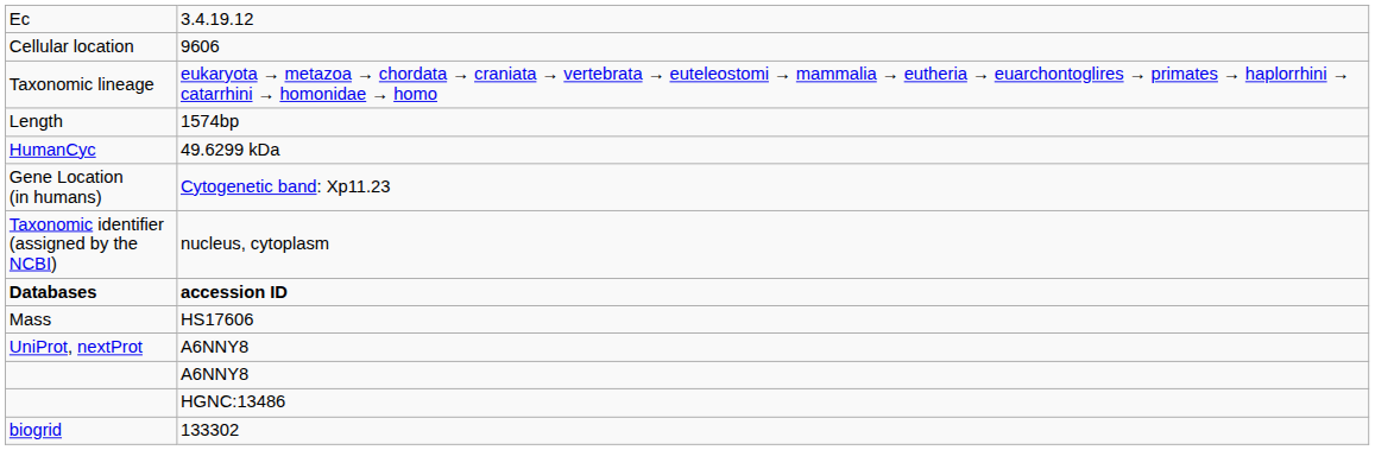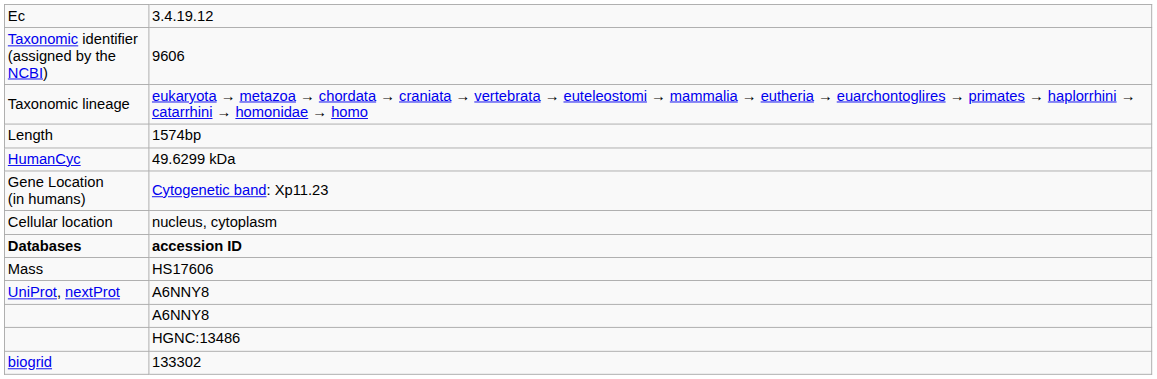 <table class="wikitable sortable mw-collapsible mw-collapsed">
 <tr>
 <td>Ec</td>
 <td>3.4.19.12</td>
 </tr>
 <tr>
-<td>Cellular location</td>
+<td><a href='#'>Taxonomic</a> identifier<br>(assigned by the <a href='#'>NCBI</a>)</td>
 <td>9606</td>
 </tr>
 <tr>
 <td>Taxonomic lineage</td>
 <td><a href='#'>eukaryota</a> → <a href='#'>metazoa</a> → <a href='#'>chordata</a> → <a href='#'>craniata</a> → <a href='#'>vertebrata</a> → <a href='#'>euteleostomi</a> → <a href='#'>mammalia</a> → <a href='#'>eutheria</a> → <a href='#'>euarchontoglires</a> → <a href='#'>primates</a> → <a href='#'>haplorrhini</a> → <a href='#'>catarrhini</a> → <a href='#'>homonidae</a> → <a href='#'>homo</a></td>
 </tr>
 <tr>
 <td>Length</td>
 <td>1574bp</td>
 </tr>
 <tr>
 <td><a href='#'>HumanCyc</a></td>
 <td>49.6299 kDa</td>
 </tr>
 <tr>
 <td>Gene Location<br>(in humans)</td>
 <td><a href='#'>Cytogenetic band</a>: Xp11.23</td>
 </tr>
 <tr>
-<td><a href='#'>Taxonomic</a> identifier<br>(assigned by the <a href='#'>NCBI</a>)</td>
+<td>Cellular location</td>
 <td>nucleus, cytoplasm</td>
 </tr>
 <tr>
 <td><strong>Databases</strong></td>
 <td><strong>accession ID</strong></td>
 </tr>
 <tr>
 <td>Mass</td>
 <td>HS17606</td>
 </tr>
 <tr>
 <td><a href='#'>UniProt</a>, <a href='#'>nextProt</a></td>
 <td>A6NNY8</td>
 </tr>
 <tr>
 <td></td>
 <td>A6NNY8</td>
 </tr>
 <tr>
 <td></td>
 <td>HGNC:13486</td>
 </tr>
 <tr>
 <td><a href='#'>biogrid</a></td>
 <td>133302</td>
 </tr>
 </table>
